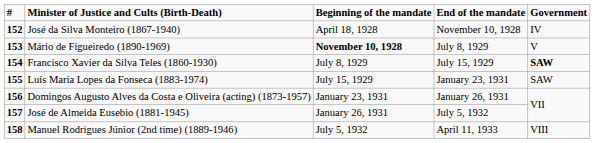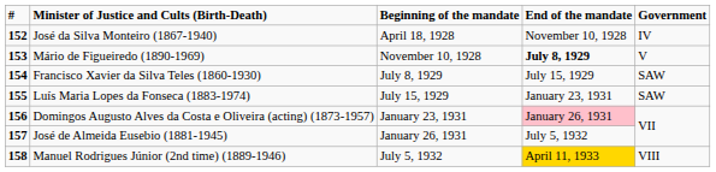 <table class="wikitable">
 <tr>
 <td><strong>#</strong></td>
 <td><strong>Minister of Justice and Cults (Birth-Death)</strong></td>
 <td><strong>Beginning of the mandate</strong></td>
 <td><strong>End of the mandate</strong></td>
 <td><strong>Government</strong></td>
 </tr>
 <tr>
 <td><strong>152</strong></td>
 <td>José da Silva Monteiro (1867-1940)</td>
 <td>April 18, 1928</td>
 <td>November 10, 1928</td>
 <td>IV</td>
 </tr>
 <tr>
 <td><strong>153</strong></td>
 <td>Mário de Figueiredo (1890-1969)</td>
-<td><strong>November 10, 1928</strong></td>
-<td>July 8, 1929</td>
+<td>November 10, 1928</td>
+<td><strong>July 8, 1929</strong></td>
 <td>V</td>
 </tr>
 <tr>
 <td><strong>154</strong></td>
 <td>Francisco Xavier da Silva Teles (1860-1930)</td>
 <td>July 8, 1929</td>
 <td>July 15, 1929</td>
-<td><strong>SAW</strong></td>
+<td>SAW</td>
 </tr>
 <tr>
 <td rowspan="2"><strong>155</strong></td>
 <td rowspan="2">Luís Maria Lopes da Fonseca (1883-1974)</td>
 <td rowspan="2">July 15, 1929</td>
 <td rowspan="2">January 23, 1931</td>
 <td>SAW</td>
 </tr>
 <tr>
 <td rowspan="3">VII</td>
 </tr>
 <tr>
 <td><strong>156</strong></td>
 <td>Domingos Augusto Alves da Costa e Oliveira (acting) (1873-1957)</td>
 <td>January 23, 1931</td>
-<td>January 26, 1931</td>
+<td style="background: pink;">January 26, 1931</td>
 </tr>
 <tr>
 <td><strong>157</strong></td>
 <td>José de Almeida Eusebio (1881-1945)</td>
 <td>January 26, 1931</td>
 <td>July 5, 1932</td>
 </tr>
 <tr>
 <td><strong>158</strong></td>
 <td>Manuel Rodrigues Júnior (2nd time) (1889-1946)</td>
 <td>July 5, 1932</td>
-<td>April 11, 1933</td>
+<td style="background: gold;">April 11, 1933</td>
 <td>VIII</td>
 </tr>
 </table>
